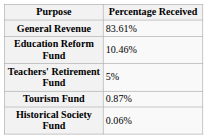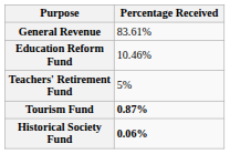 <table class="wikitable">
 <tr>
 <th width=150>Purpose</th>
 <th width=150>Percentage Received</th>
 </tr>
 <tr>
 <th>General Revenue</th>
 <td>83.61%</td>
 </tr>
 <tr>
 <th>Education Reform Fund</th>
 <td>10.46%</td>
 </tr>
 <tr>
 <th>Teachers' Retirement Fund</th>
 <td>5%</td>
 </tr>
 <tr>
 <th>Tourism Fund</th>
-<td>0.87%</td>
+<td><strong>0.87%</strong></td>
 </tr>
 <tr>
 <th>Historical Society Fund</th>
-<td>0.06%</td>
+<td><strong>0.06%</strong></td>
 </tr>
 </table>
